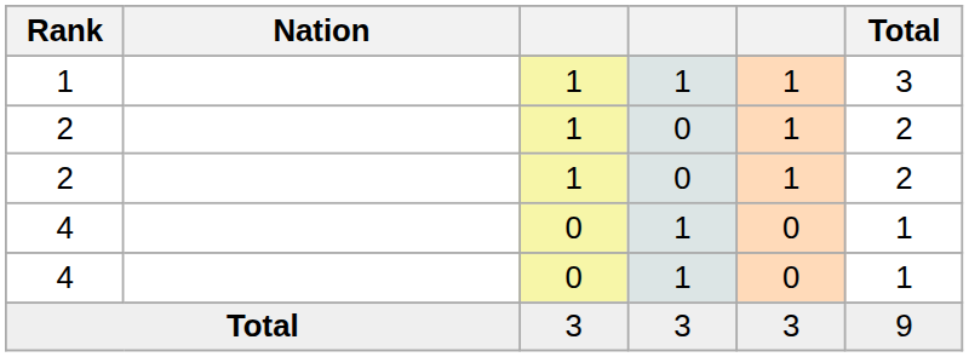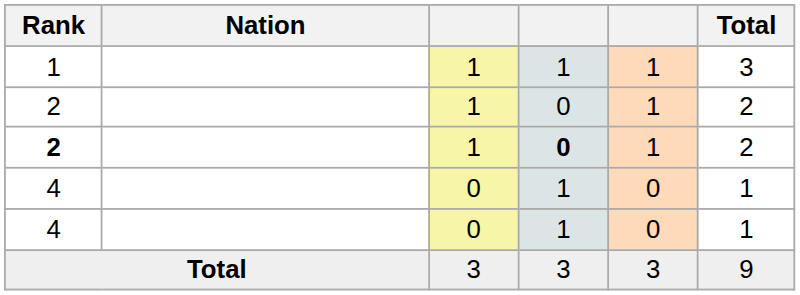 <table class=wikitable width=35% cellspacing="1" cellpadding="3" style="border:1px solid #AAAAAA;font-size:90%">
 <tr bgcolor="#EFEFEF">
 <th width=50>Rank</th>
 <th width=200>Nation</th>
 <th width=50></th>
 <th width=50></th>
 <th width=50></th>
 <th width=50>Total</th>
 </tr>
 <tr align="center" valign="top" bgcolor="#FFFFFF">
 <td rowspan="1" valign="center">1</td>
 <td align="left"></td>
 <td style="background:#F7F6A8;">1</td>
 <td style="background:#DCE5E5;">1</td>
 <td style="background:#FFDAB9;">1</td>
 <td>3</td>
 </tr>
 <tr align="center" valign="top" bgcolor="#FFFFFF">
 <td rowspan="1" valign="center">2</td>
 <td align="left"></td>
 <td style="background:#F7F6A8;">1</td>
 <td style="background:#DCE5E5;">0</td>
 <td style="background:#FFDAB9;">1</td>
 <td>2</td>
 </tr>
 <tr align="center" valign="top" bgcolor="#FFFFFF">
-<td rowspan="1" valign="center">2</td>
+<td rowspan="1" valign="center"><strong>2</strong></td>
 <td align="left"></td>
 <td style="background:#F7F6A8;">1</td>
-<td style="background:#DCE5E5;">0</td>
+<td style="background:#DCE5E5;"><strong>0</strong></td>
 <td style="background:#FFDAB9;">1</td>
 <td>2</td>
 </tr>
 <tr align="center" valign="top" bgcolor="#FFFFFF">
 <td rowspan="1" valign="center">4</td>
 <td align="left"></td>
 <td style="background:#F7F6A8;">0</td>
 <td style="background:#DCE5E5;">1</td>
 <td style="background:#FFDAB9;">0</td>
 <td>1</td>
 </tr>
 <tr align="center" valign="top" bgcolor="#FFFFFF">
 <td rowspan="1" valign="center">4</td>
 <td align="left"></td>
 <td style="background:#F7F6A8;">0</td>
 <td style="background:#DCE5E5;">1</td>
 <td style="background:#FFDAB9;">0</td>
 <td>1</td>
 </tr>
 <tr align="center" valign="top" bgcolor="#EFEFEF">
 <td colspan="2" rowspan="1" valign="center"><strong>Total</strong></td>
 <td>3</td>
 <td>3</td>
 <td>3</td>
 <td>9</td>
 </tr>
 </table>
